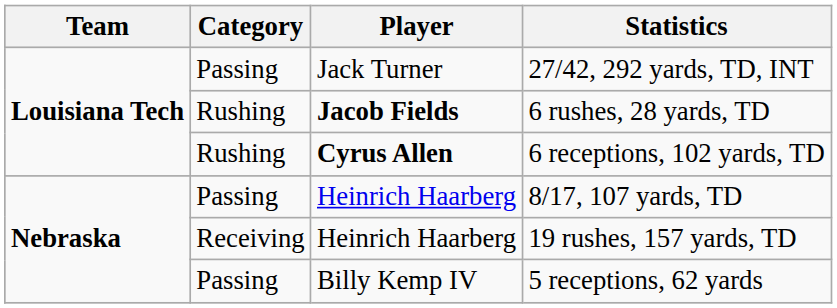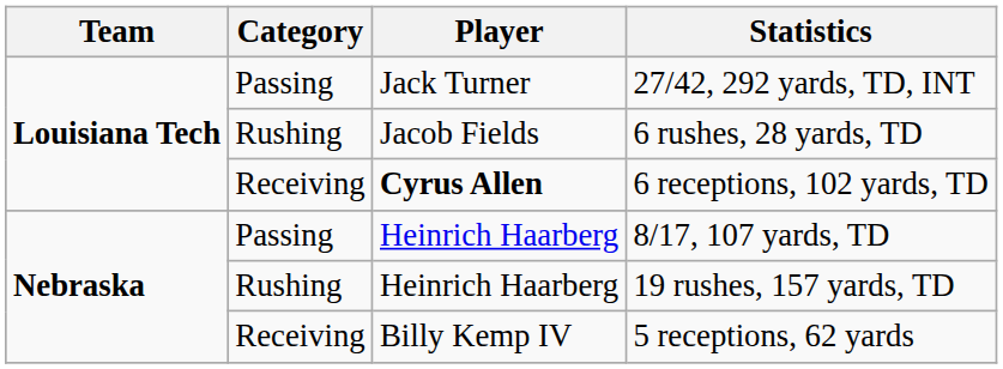 <table class="wikitable" style="float: left;">
 <tr>
 <th>Team</th>
 <th>Category</th>
 <th>Player</th>
 <th>Statistics</th>
 </tr>
 <tr>
 <td rowspan=3><strong>Louisiana Tech</strong></td>
 <td>Passing</td>
 <td>Jack Turner</td>
 <td>27/42, 292 yards, TD, INT</td>
 </tr>
 <tr>
 <td>Rushing</td>
-<td><strong>Jacob Fields</strong></td>
+<td>Jacob Fields</td>
 <td>6 rushes, 28 yards, TD</td>
 </tr>
 <tr>
-<td>Rushing</td>
+<td>Receiving</td>
 <td><strong>Cyrus Allen</strong></td>
 <td>6 receptions, 102 yards, TD</td>
 </tr>
 <tr>
 <td rowspan=3><strong>Nebraska</strong></td>
 <td>Passing</td>
 <td><a href='#'>Heinrich Haarberg</a></td>
 <td>8/17, 107 yards, TD</td>
 </tr>
 <tr>
-<td>Receiving</td>
+<td>Rushing</td>
 <td>Heinrich Haarberg</td>
 <td>19 rushes, 157 yards, TD</td>
 </tr>
 <tr>
-<td>Passing</td>
+<td>Receiving</td>
 <td>Billy Kemp IV</td>
 <td>5 receptions, 62 yards</td>
 </tr>
 </table>
